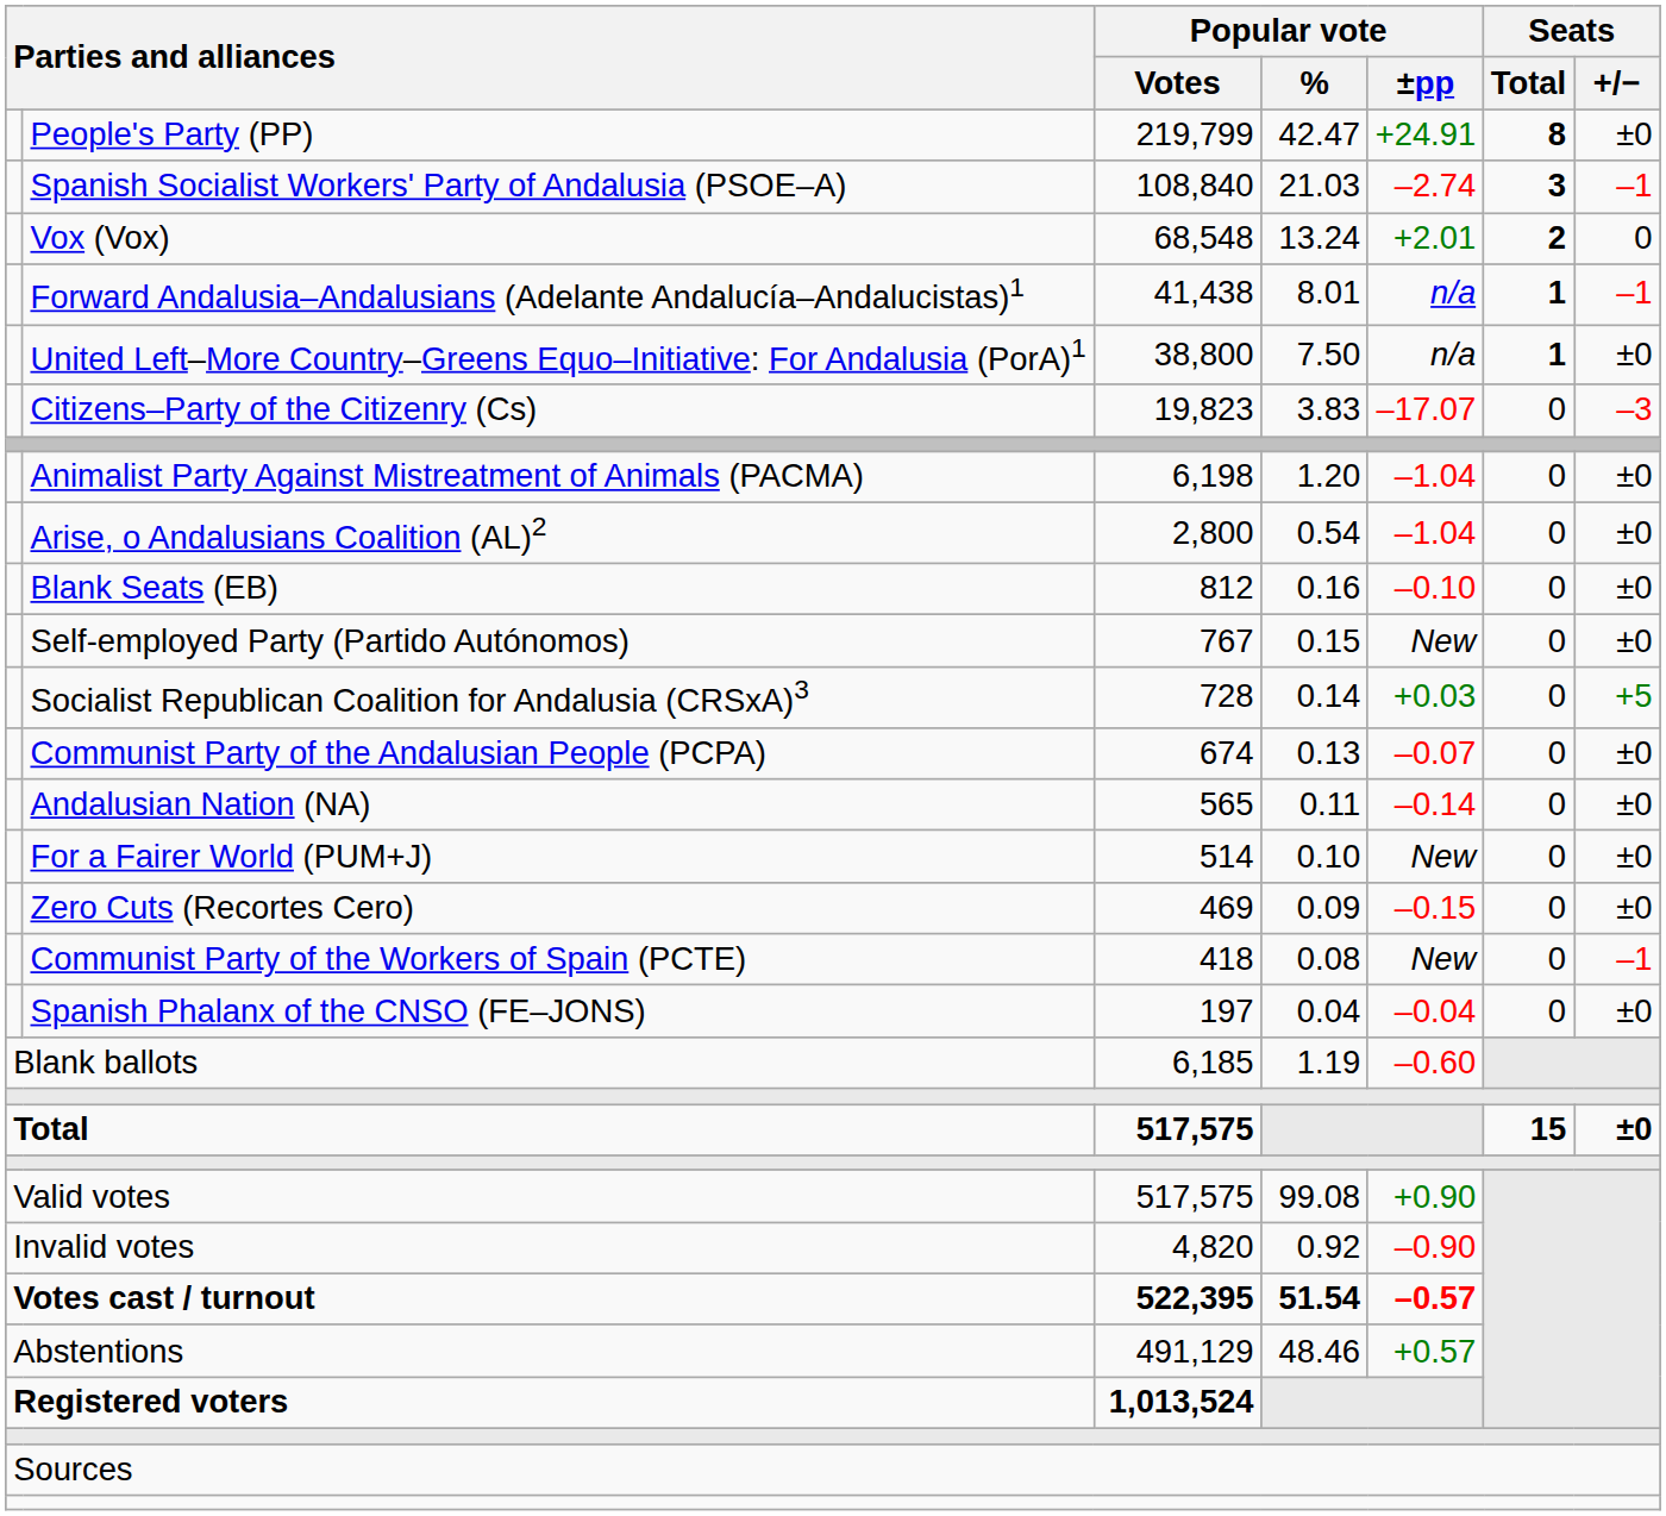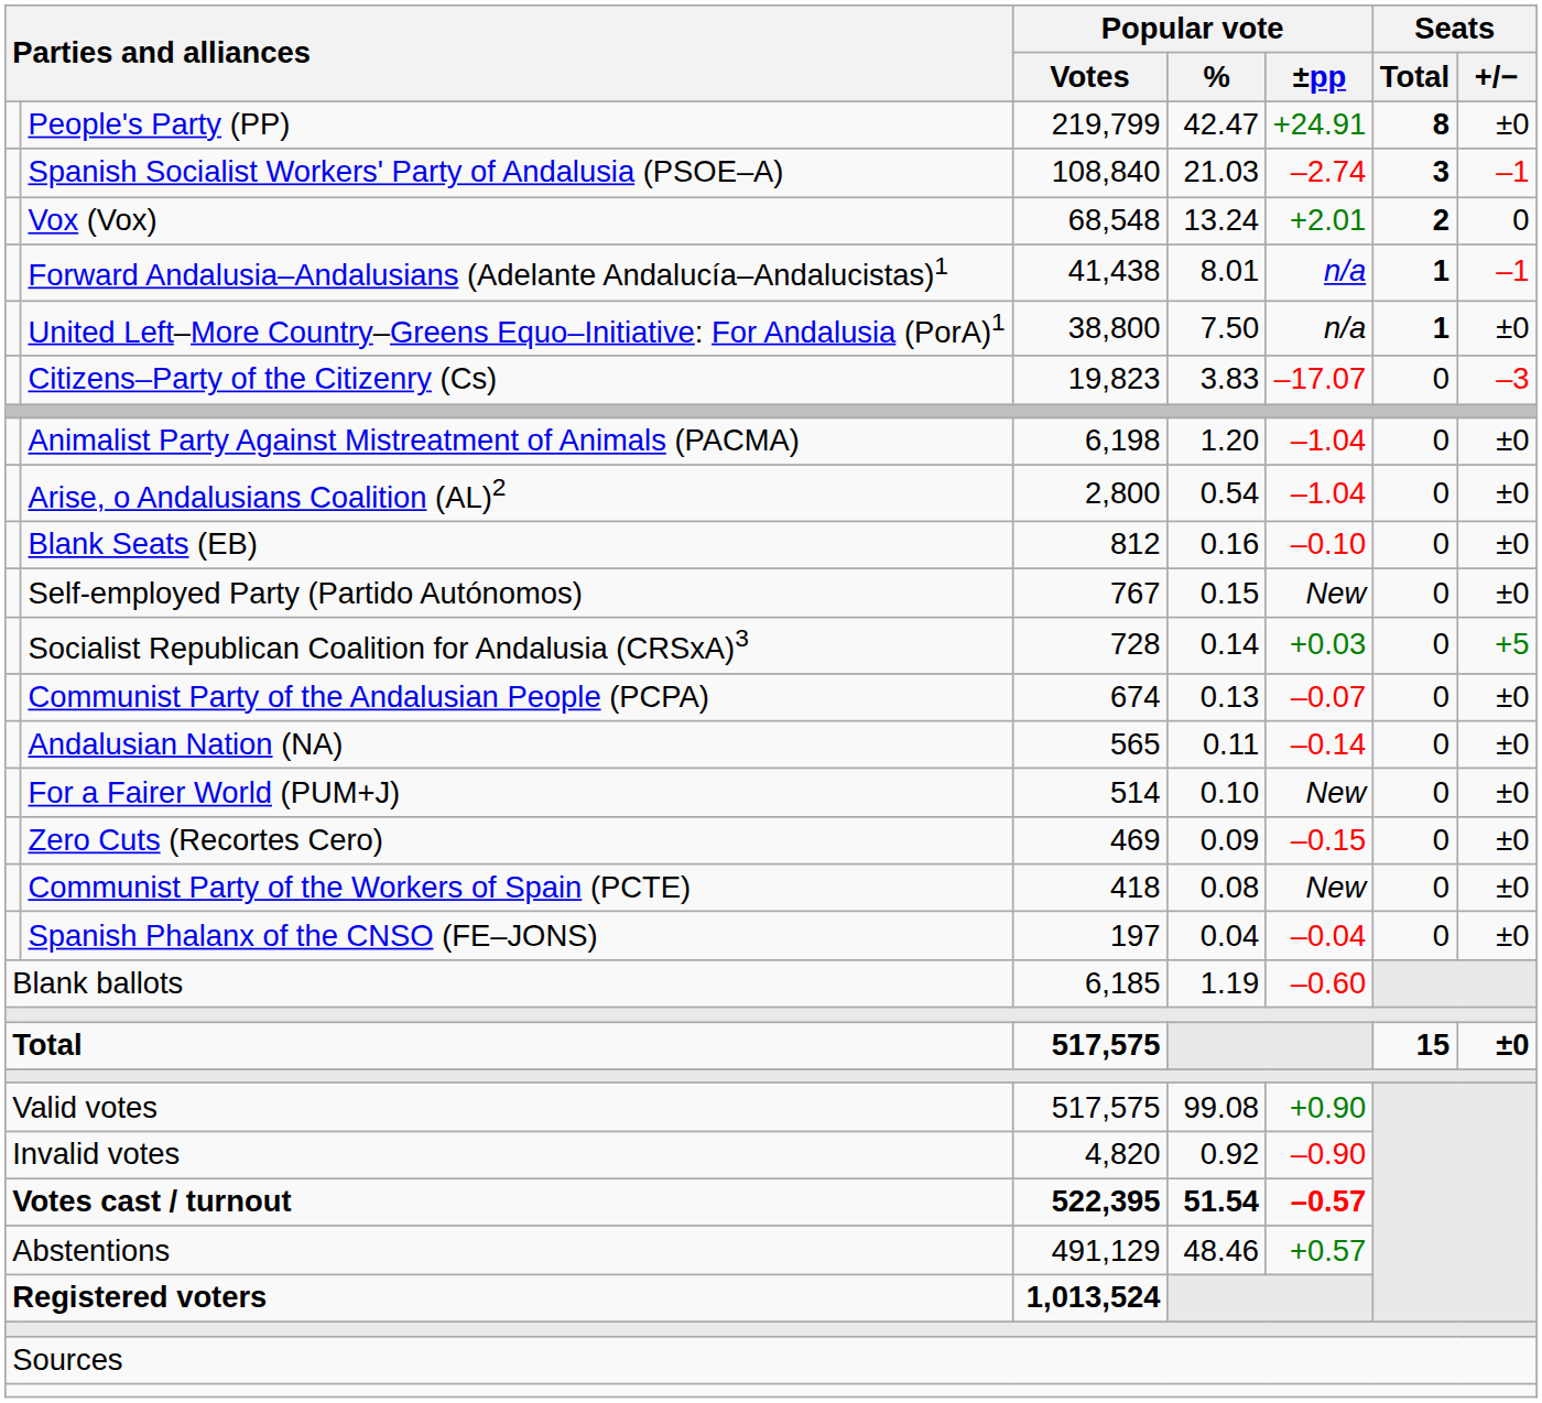 <table class="wikitable" style="text-align:right;">
 <tr>
 <th style="text-align:left;" rowspan="2" colspan="2" width="525">Parties and alliances</th>
 <th colspan="3">Popular vote</th>
 <th colspan="2">Seats</th>
 </tr>
 <tr>
 <th width="75">Votes</th>
 <th width="45">%</th>
 <th width="45">±<a href='#'>pp</a></th>
 <th width="35">Total</th>
 <th width="35">+/−</th>
 </tr>
 <tr>
 <td width="1" style="color:inherit;background:"></td>
 <td align="left"><a href='#'>People's Party</a> (PP)</td>
 <td>219,799</td>
 <td>42.47</td>
 <td style="color:green;">+24.91</td>
 <td><strong>8</strong></td>
 <td>±0</td>
 </tr>
 <tr>
 <td style="color:inherit;background:"></td>
 <td align="left"><a href='#'>Spanish Socialist Workers' Party of Andalusia</a> (PSOE–A)</td>
 <td>108,840</td>
 <td>21.03</td>
 <td style="color:red;">–2.74</td>
 <td><strong>3</strong></td>
 <td style="color:red;">–1</td>
 </tr>
 <tr>
 <td style="color:inherit;background:"></td>
 <td align="left"><a href='#'>Vox</a> (Vox)</td>
 <td>68,548</td>
 <td>13.24</td>
 <td style="color:green;">+2.01</td>
 <td><strong>2</strong></td>
 <td>0</td>
 </tr>
 <tr>
 <td style="color:inherit;background:"></td>
 <td align="left"><a href='#'>Forward Andalusia–Andalusians</a> (Adelante Andalucía–Andalucistas)<sup>1</sup></td>
 <td>41,438</td>
 <td>8.01</td>
 <td><em><a href='#'>n/a</a></em></td>
 <td><strong>1</strong></td>
 <td style="color:red;">–1</td>
 </tr>
 <tr>
 <td style="color:inherit;background:"></td>
 <td align="left"><a href='#'>United Left</a>–<a href='#'>More Country</a>–<a href='#'>Greens Equo–Initiative</a>: <a href='#'>For Andalusia</a> (PorA)<sup>1</sup></td>
 <td>38,800</td>
 <td>7.50</td>
 <td><em>n/a</em></td>
 <td><strong>1</strong></td>
 <td>±0</td>
 </tr>
 <tr>
 <td style="color:inherit;background:"></td>
 <td align="left"><a href='#'>Citizens–Party of the Citizenry</a> (Cs)</td>
 <td>19,823</td>
 <td>3.83</td>
 <td style="color:red;">–17.07</td>
 <td>0</td>
 <td style="color:red;">–3</td>
 </tr>
 <tr>
 <td colspan="7" bgcolor="#C0C0C0"></td>
 </tr>
 <tr>
 <td style="color:inherit;background:"></td>
 <td align="left"><a href='#'>Animalist Party Against Mistreatment of Animals</a> (PACMA)</td>
 <td>6,198</td>
 <td>1.20</td>
 <td style="color:red;">–1.04</td>
 <td>0</td>
 <td>±0</td>
 </tr>
 <tr>
 <td style="color:inherit;background:"></td>
 <td align="left"><a href='#'>Arise, o Andalusians Coalition</a> (AL)<sup>2</sup></td>
 <td>2,800</td>
 <td>0.54</td>
 <td style="color:red;">–1.04</td>
 <td>0</td>
 <td>±0</td>
 </tr>
 <tr>
 <td style="color:inherit;background:"></td>
 <td align="left"><a href='#'>Blank Seats</a> (EB)</td>
 <td>812</td>
 <td>0.16</td>
 <td style="color:red;">–0.10</td>
 <td>0</td>
 <td>±0</td>
 </tr>
 <tr>
 <td style="color:inherit;background:"></td>
 <td align="left">Self-employed Party (Partido Autónomos)</td>
 <td>767</td>
 <td>0.15</td>
 <td><em>New</em></td>
 <td>0</td>
 <td>±0</td>
 </tr>
 <tr>
 <td style="color:inherit;background:"></td>
 <td align="left">Socialist Republican Coalition for Andalusia (CRSxA)<sup>3</sup></td>
 <td>728</td>
 <td>0.14</td>
 <td style="color:green;">+0.03</td>
 <td>0</td>
 <td style="color:green;">+5</td>
 </tr>
 <tr>
 <td style="color:inherit;background:"></td>
 <td align="left"><a href='#'>Communist Party of the Andalusian People</a> (PCPA)</td>
 <td>674</td>
 <td>0.13</td>
 <td style="color:red;">–0.07</td>
 <td>0</td>
 <td>±0</td>
 </tr>
 <tr>
 <td style="color:inherit;background:"></td>
 <td align="left"><a href='#'>Andalusian Nation</a> (NA)</td>
 <td>565</td>
 <td>0.11</td>
 <td style="color:red;">–0.14</td>
 <td>0</td>
 <td>±0</td>
 </tr>
 <tr>
 <td style="color:inherit;background:"></td>
 <td align="left"><a href='#'>For a Fairer World</a> (PUM+J)</td>
 <td>514</td>
 <td>0.10</td>
 <td><em>New</em></td>
 <td>0</td>
 <td>±0</td>
 </tr>
 <tr>
 <td style="color:inherit;background:"></td>
 <td align="left"><a href='#'>Zero Cuts</a> (Recortes Cero)</td>
 <td>469</td>
 <td>0.09</td>
 <td style="color:red;">–0.15</td>
 <td>0</td>
 <td>±0</td>
 </tr>
 <tr>
 <td style="color:inherit;background:"></td>
 <td align="left"><a href='#'>Communist Party of the Workers of Spain</a> (PCTE)</td>
 <td>418</td>
 <td>0.08</td>
 <td><em>New</em></td>
 <td>0</td>
-<td style="color:red;">–1</td>
+<td>±0</td>
 </tr>
 <tr>
 <td style="color:inherit;background:"></td>
 <td align="left"><a href='#'>Spanish Phalanx of the CNSO</a> (FE–JONS)</td>
 <td>197</td>
 <td>0.04</td>
 <td style="color:red;">–0.04</td>
 <td>0</td>
 <td>±0</td>
 </tr>
 <tr>
 <td align="left" colspan="2">Blank ballots</td>
 <td>6,185</td>
 <td>1.19</td>
 <td style="color:red;">–0.60</td>
 <td bgcolor="#E9E9E9" colspan="2"></td>
 </tr>
 <tr>
 <td colspan="7" bgcolor="#E9E9E9"></td>
 </tr>
 <tr style="font-weight:bold;">
 <td align="left" colspan="2">Total</td>
 <td>517,575</td>
 <td bgcolor="#E9E9E9" colspan="2"></td>
 <td>15</td>
 <td>±0</td>
 </tr>
 <tr>
 <td colspan="7" bgcolor="#E9E9E9"></td>
 </tr>
 <tr>
 <td align="left" colspan="2">Valid votes</td>
 <td>517,575</td>
 <td>99.08</td>
 <td style="color:green;">+0.90</td>
 <td bgcolor="#E9E9E9" colspan="2" rowspan="5"></td>
 </tr>
 <tr>
 <td align="left" colspan="2">Invalid votes</td>
 <td>4,820</td>
 <td>0.92</td>
 <td style="color:red;">–0.90</td>
 </tr>
 <tr style="font-weight:bold;">
 <td align="left" colspan="2">Votes cast / turnout</td>
 <td>522,395</td>
 <td>51.54</td>
 <td style="color:red;">–0.57</td>
 </tr>
 <tr>
 <td align="left" colspan="2">Abstentions</td>
 <td>491,129</td>
 <td>48.46</td>
 <td style="color:green;">+0.57</td>
 </tr>
 <tr style="font-weight:bold;">
 <td align="left" colspan="2">Registered voters</td>
 <td>1,013,524</td>
 <td bgcolor="#E9E9E9" colspan="2"></td>
 </tr>
 <tr>
 <td colspan="7" bgcolor="#E9E9E9"></td>
 </tr>
 <tr>
 <td align="left" colspan="7">Sources</td>
 </tr>
 <tr>
 <td colspan="7" style="text-align:left; max-width:790px;"></td>
 </tr>
 </table>
